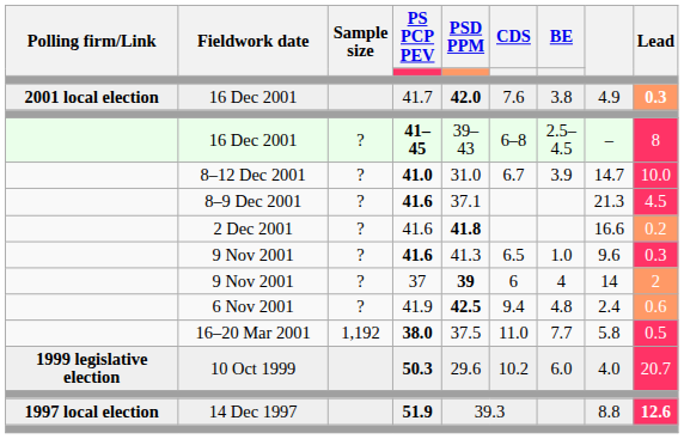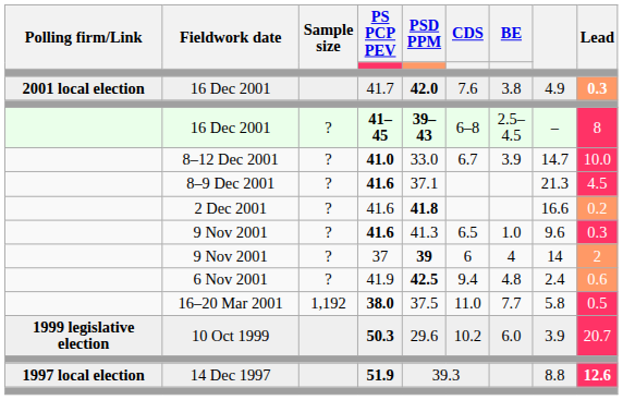 <table class="wikitable collapsible sortable" style="text-align:center; font-size:95%; line-height:16px;">
 <tr style="height:42px;">
 <th style="width:145px;" rowspan="2">Polling firm/Link</th>
 <th style="width:125px;" rowspan="2">Fieldwork date</th>
 <th class="unsortable" style="width:50px;" rowspan="2">Sample size</th>
 <th class="unsortable" style="width:36px;"><a href='#'>PS</a><br><a href='#'>PCP</a><br><a href='#'>PEV</a></th>
 <th class="unsortable" style="width:35px;"><a href='#'>PSD</a><br><a href='#'>PPM</a></th>
 <th class="unsortable" style="width:35px;"><a href='#'>CDS</a></th>
 <th class="unsortable" style="width:35px;"><a href='#'>BE</a></th>
 <th class="unsortable" style="width:35px;" rowspan="2"></th>
 <th class="unsortable" style="width:30px;" rowspan="2">Lead</th>
 </tr>
 <tr>
 <th class="unsortable" style="color:inherit;background:#ff3366;"></th>
 <th class="unsortable" style="color:inherit;background:#ff9966;"></th>
 <th class="unsortable" style="color:inherit;background:"></th>
 <th class="unsortable" style="color:inherit;background:"></th>
 </tr>
 <tr>
 <td colspan="10" style="background:#A0A0A0"></td>
 </tr>
 <tr style="background:#EFEFEF;">
 <td><strong>2001 local election</strong></td>
 <td data-sort-value="2019-10-06">16 Dec 2001</td>
 <td></td>
 <td>41.7<br></td>
 <td><strong>42.0</strong><br></td>
 <td>7.6<br></td>
 <td>3.8<br></td>
 <td>4.9<br></td>
 <td style="background:#ff9966; color:white;"><strong>0.3</strong></td>
 </tr>
 <tr>
 <td colspan="10" style="background:#A0A0A0"></td>
 </tr>
 <tr>
 </tr>
 <tr style="background:#EAFFEA"|>
 <td></td>
 <td data-sort-value="2019-10-06">16 Dec 2001</td>
 <td>?</td>
 <td><strong>41–45</strong></td>
-<td>39–43</td>
+<td><strong>39–43</strong></td>
 <td>6–8</td>
 <td>2.5–4.5</td>
 <td>–</td>
 <td style="background:#ff3366; color:white;">8</td>
 </tr>
 <tr>
 <td align="center"></td>
 <td align="center">8–12 Dec 2001</td>
 <td>?</td>
 <td align="center" ><strong>41.0</strong></td>
-<td align="center">31.0</td>
+<td align="center">33.0</td>
 <td align="center">6.7</td>
 <td align="center">3.9</td>
 <td align="center">14.7</td>
 <td style="background:#ff3366; color:white;">10.0</td>
 </tr>
 <tr>
 <td align="center"></td>
 <td align="center">8–9 Dec 2001</td>
 <td>?</td>
 <td align="center" ><strong>41.6</strong></td>
 <td align="center">37.1</td>
 <td></td>
 <td></td>
 <td align="center">21.3</td>
 <td style="background:#ff3366; color:white;">4.5</td>
 </tr>
 <tr>
 <td align="center"></td>
 <td align="center">2 Dec 2001</td>
 <td>?</td>
 <td align="center">41.6</td>
 <td align="center" ><strong>41.8</strong></td>
 <td></td>
 <td></td>
 <td align="center">16.6</td>
 <td style="background:#ff9966; color:white;">0.2</td>
 </tr>
 <tr>
 <td align="center"></td>
 <td align="center">9 Nov 2001</td>
 <td>?</td>
 <td align="center" ><strong>41.6</strong></td>
 <td align="center">41.3</td>
 <td align="center">6.5</td>
 <td align="center">1.0</td>
 <td align="center">9.6</td>
 <td style="background:#ff3366; color:white;">0.3</td>
 </tr>
 <tr>
 <td align="center"></td>
 <td align="center">9 Nov 2001</td>
 <td>?</td>
 <td align="center">37</td>
 <td align="center" ><strong>39</strong></td>
 <td align="center">6</td>
 <td align="center">4</td>
 <td align="center">14</td>
 <td style="background:#ff9966; color:white;">2</td>
 </tr>
 <tr>
 <td align="center"></td>
 <td align="center">6 Nov 2001</td>
 <td>?</td>
 <td align="center">41.9</td>
 <td align="center" ><strong>42.5</strong></td>
 <td align="center">9.4</td>
 <td align="center">4.8</td>
 <td align="center">2.4</td>
 <td style="background:#ff9966; color:white;">0.6</td>
 </tr>
 <tr>
 <td align="center"></td>
 <td align="center">16–20 Mar 2001</td>
 <td>1,192</td>
 <td align="center" ><strong>38.0</strong></td>
 <td align="center">37.5</td>
 <td align="center">11.0</td>
 <td align="center">7.7</td>
 <td align="center">5.8</td>
 <td style="background:#ff3366; color:white;">0.5</td>
 </tr>
 <tr style="background:#EFEFEF;">
 <td><strong>1999 legislative election</strong></td>
 <td>10 Oct 1999</td>
 <td></td>
 <td><strong>50.3</strong><br></td>
 <td>29.6<br></td>
 <td>10.2<br></td>
 <td>6.0<br></td>
-<td>4.0<br></td>
+<td>3.9<br></td>
 <td style="background:#ff3366; color:white;">20.7</td>
 </tr>
 <tr>
 <td colspan="10" style="background:#A0A0A0"></td>
 </tr>
 <tr style="background:#EFEFEF;">
 <td><strong>1997 local election</strong></td>
 <td data-sort-value="2019-10-06">14 Dec 1997</td>
 <td></td>
 <td><strong>51.9</strong><br></td>
 <td colspan="2">39.3<br></td>
 <td></td>
 <td>8.8<br></td>
 <td style="background:#ff3366; color:white;"><strong>12.6</strong></td>
 </tr>
 <tr>
 <td colspan="10" style="background:#A0A0A0"></td>
 </tr>
 </table>
